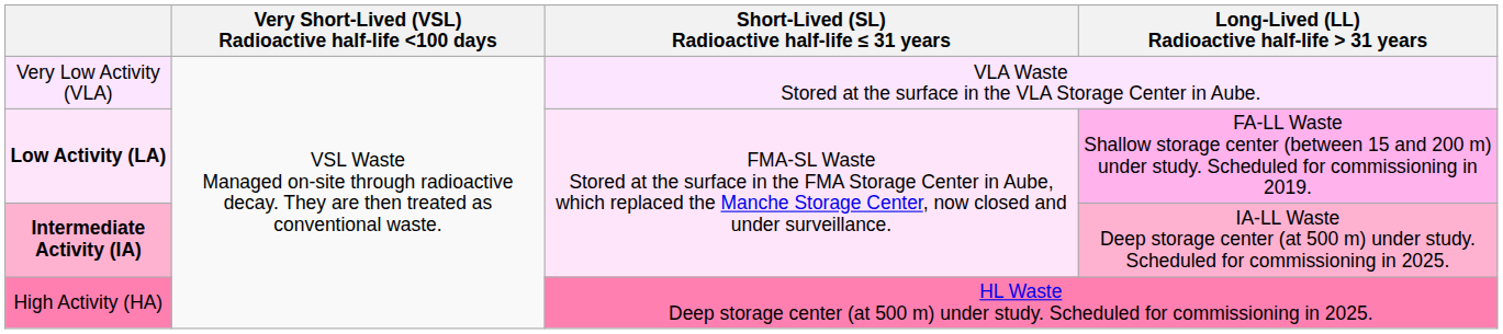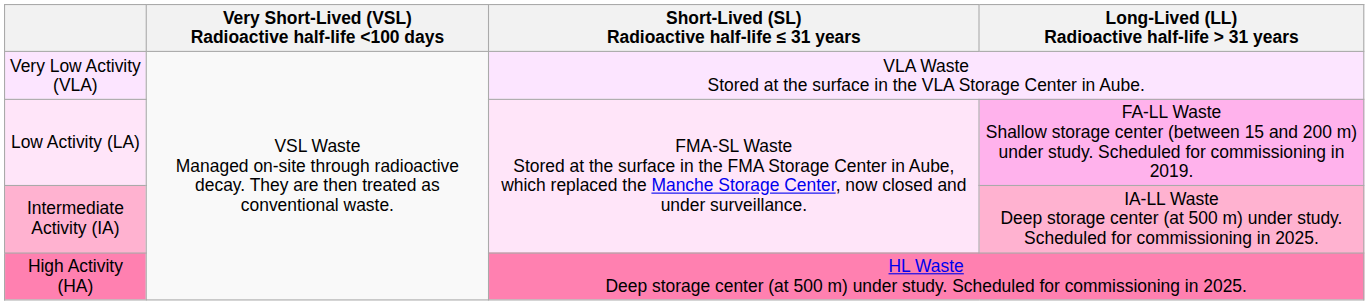 <table class="wikitable sortable" style="text-align:center">
 <tr>
 <th></th>
 <th>Very Short-Lived (VSL) <br> Radioactive half-life <100 days</th>
 <th><strong>Short-Lived</strong> (SL) <br> Radioactive half-life ≤ 31 years</th>
 <th>Long-Lived (LL) <br> Radioactive half-life > 31 years</th>
 </tr>
 <tr>
 <td bgcolor=#FCE5FF>Very Low Activity (VLA)</td>
 <td rowspan="4" scope="row">VSL Waste <br> Managed on-site through radioactive decay. They are then treated as conventional waste.</td>
 <td colspan="2" scope="col" bgcolor="#FCE5FF">VLA Waste <br> Stored at the surface in the VLA Storage Center in Aube.</td>
 </tr>
 <tr>
-<td bgcolor=#FFE5F9><strong>Low Activity (LA)</strong></td>
+<td bgcolor=#FFE5F9>Low Activity (LA)</td>
 <td rowspan="2" scope="row" bgcolor="#FFE5F9">FMA-SL Waste <br> Stored at the surface in the FMA Storage Center in Aube, which replaced the <a href='#'>Manche Storage Center</a>, now closed and under surveillance.</td>
 <td bgcolor="#FFB2EC">FA-LL Waste <br> Shallow storage center (between 15 and 200 m) under study. Scheduled for commissioning in 2019.</td>
 </tr>
 <tr>
-<td bgcolor=#FFB2D0><strong>Intermediate Activity (IA)</strong></td>
+<td bgcolor=#FFB2D0>Intermediate Activity (IA)</td>
 <td bgcolor="#FFB2D0">IA-LL Waste <br> Deep storage center (at 500 m) under study. Scheduled for commissioning in 2025.</td>
 </tr>
 <tr>
 <td bgcolor=#FF80B0>High Activity (HA)</td>
 <td colspan="2" scope="col" bgcolor="#FF80B0"><a href='#'>HL Waste</a> <br> Deep storage center (at 500 m) under study. Scheduled for commissioning in 2025.</td>
 </tr>
 </table>
